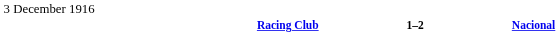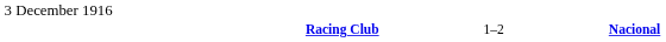 <table width=100% cellspacing=1>
 <tr>
 <th width=20%></th>
 <th width=12%></th>
 <th width=20%></th>
 <th></th>
 </tr>
 <tr>
 <td>3 December 1916</td>
 </tr>
 <tr style=font-size:90%>
 <td align=right><strong> <a href='#'>Racing Club</a></strong></td>
-<td align=center><strong>1–2</strong></td>
+<td align=center>1–2</td>
 <td><strong> <a href='#'>Nacional</a></strong></td>
 <td></td>
 </tr>
 <tr>
 </tr>
 </table>
